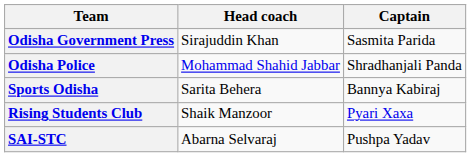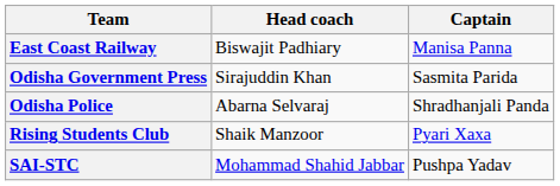 <table class="wikitable sortable" style="text-align: left; font-size:85%">
 <tr>
 <th scope=col>Team</th>
 <th scope=col>Head coach</th>
 <th scope=col>Captain</th>
+</tr>
+<tr>
+<th scope=row style="text-align: left;"><a href='#'>East Coast Railway</a></th>
+<td> Biswajit Padhiary</td>
+<td> <a href='#'>Manisa Panna</a></td>
 </tr>
 <tr>
 <th scope=row style="text-align: left;"><a href='#'>Odisha Government Press</a></th>
 <td> Sirajuddin Khan</td>
 <td> Sasmita Parida</td>
 </tr>
 <tr>
 <th scope=row style="text-align: left;"><a href='#'>Odisha Police</a></th>
-<td> <a href='#'>Mohammad Shahid Jabbar</a></td>
+<td> Abarna Selvaraj</td>
 <td> Shradhanjali Panda</td>
-</tr>
-<tr>
-<th scope=row style="text-align: left;"><a href='#'>Sports Odisha</a></th>
-<td> Sarita Behera</td>
-<td> Bannya Kabiraj</td>
 </tr>
 <tr>
 <th scope=row style="text-align: left;"><a href='#'>Rising Students Club</a></th>
 <td> Shaik Manzoor</td>
 <td> <a href='#'>Pyari Xaxa</a></td>
 </tr>
 <tr>
 <th scope=row style="text-align: left;"><a href='#'>SAI-STC</a></th>
-<td> Abarna Selvaraj</td>
+<td> <a href='#'>Mohammad Shahid Jabbar</a></td>
 <td> Pushpa Yadav</td>
 </tr>
 </table>
